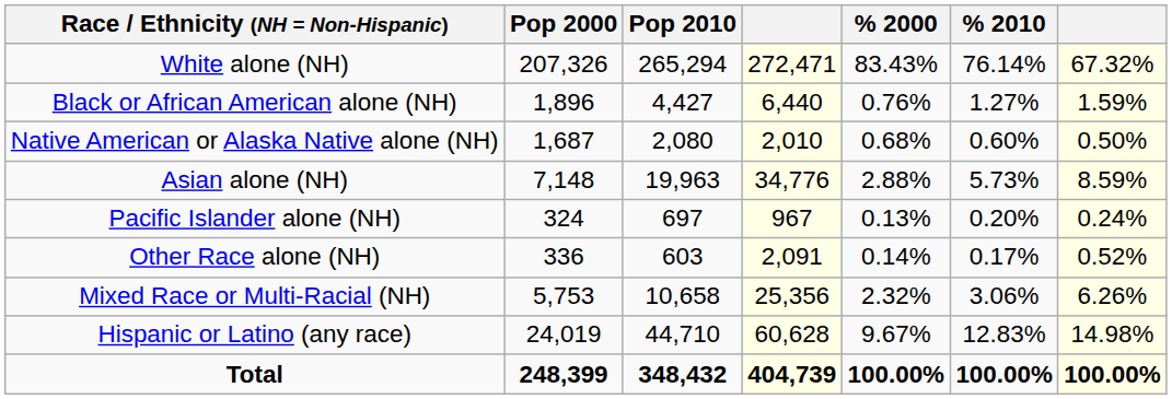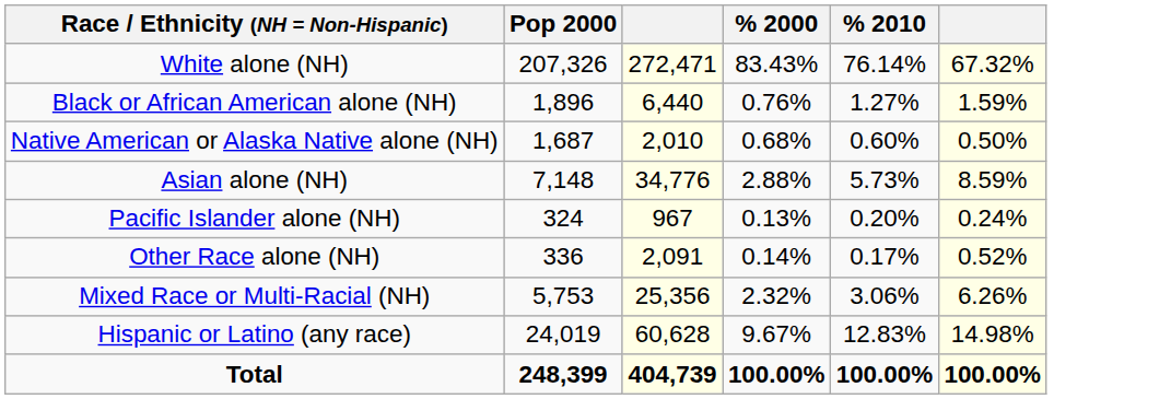 <table class="wikitable" style="text-align:center;">
 <tr>
 <th>Race / Ethnicity <small>(<em>NH = Non-Hispanic</em>)</small></th>
 <th>Pop 2000</th>
-<th>Pop 2010</th>
 <th></th>
 <th>% 2000</th>
 <th>% 2010</th>
 <th></th>
 </tr>
 <tr>
 <td><a href='#'>White</a> alone (NH)</td>
 <td>207,326</td>
-<td>265,294</td>
 <td style='background: #ffffe6;'>272,471</td>
 <td>83.43%</td>
 <td>76.14%</td>
 <td style='background: #ffffe6;'>67.32%</td>
 </tr>
 <tr>
 <td><a href='#'>Black or African American</a> alone (NH)</td>
 <td>1,896</td>
-<td>4,427</td>
 <td style='background: #ffffe6;'>6,440</td>
 <td>0.76%</td>
 <td>1.27%</td>
 <td style='background: #ffffe6;'>1.59%</td>
 </tr>
 <tr>
 <td><a href='#'>Native American</a> or <a href='#'>Alaska Native</a> alone (NH)</td>
 <td>1,687</td>
-<td>2,080</td>
 <td style='background: #ffffe6;'>2,010</td>
 <td>0.68%</td>
 <td>0.60%</td>
 <td style='background: #ffffe6;'>0.50%</td>
 </tr>
 <tr>
 <td><a href='#'>Asian</a> alone (NH)</td>
 <td>7,148</td>
-<td>19,963</td>
 <td style='background: #ffffe6;'>34,776</td>
 <td>2.88%</td>
 <td>5.73%</td>
 <td style='background: #ffffe6;'>8.59%</td>
 </tr>
 <tr>
 <td><a href='#'>Pacific Islander</a> alone (NH)</td>
 <td>324</td>
-<td>697</td>
 <td style='background: #ffffe6;'>967</td>
 <td>0.13%</td>
 <td>0.20%</td>
 <td style='background: #ffffe6;'>0.24%</td>
 </tr>
 <tr>
 <td><a href='#'>Other Race</a> alone (NH)</td>
 <td>336</td>
-<td>603</td>
 <td style='background: #ffffe6;'>2,091</td>
 <td>0.14%</td>
 <td>0.17%</td>
 <td style='background: #ffffe6;'>0.52%</td>
 </tr>
 <tr>
 <td><a href='#'>Mixed Race or Multi-Racial</a> (NH)</td>
 <td>5,753</td>
-<td>10,658</td>
 <td style='background: #ffffe6;'>25,356</td>
 <td>2.32%</td>
 <td>3.06%</td>
 <td style='background: #ffffe6;'>6.26%</td>
 </tr>
 <tr>
 <td><a href='#'>Hispanic or Latino</a> (any race)</td>
 <td>24,019</td>
-<td>44,710</td>
 <td style='background: #ffffe6;'>60,628</td>
 <td>9.67%</td>
 <td>12.83%</td>
 <td style='background: #ffffe6;'>14.98%</td>
 </tr>
 <tr>
 <td><strong>Total</strong></td>
 <td><strong>248,399</strong></td>
-<td><strong>348,432</strong></td>
 <td style='background: #ffffe6;'><strong>404,739</strong></td>
 <td><strong>100.00%</strong></td>
 <td><strong>100.00%</strong></td>
 <td style='background: #ffffe6;'><strong>100.00%</strong></td>
 </tr>
 </table>
